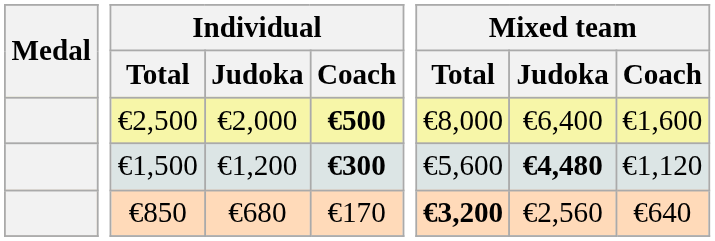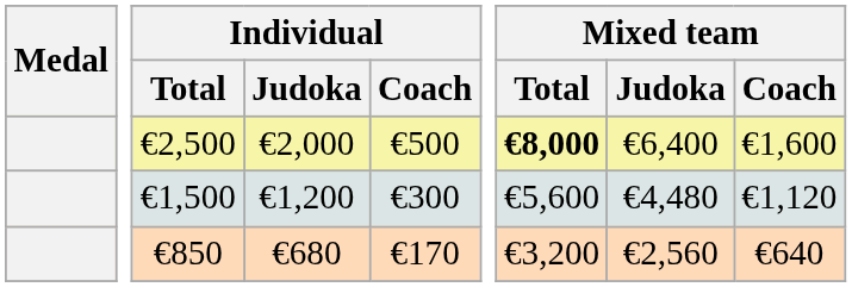 <table class=wikitable style="border: none; background: none; text-align:center;">
 <tr>
 <th rowspan=2>Medal</th>
 <td rowspan=5 style="width:1; border: none; background: none;"></td>
 <th colspan=3>Individual</th>
 <td rowspan=5 style="width:1; border: none; background: none;"></td>
 <th colspan=3>Mixed team</th>
 </tr>
 <tr>
 <th>Total</th>
 <th>Judoka</th>
 <th>Coach</th>
 <th>Total</th>
 <th>Judoka</th>
 <th>Coach</th>
 </tr>
 <tr bgcolor=F7F6A8>
 <th></th>
 <td>€2,500</td>
 <td>€2,000</td>
-<td><strong>€500</strong></td>
-<td>€8,000</td>
+<td>€500</td>
+<td><strong>€8,000</strong></td>
 <td>€6,400</td>
 <td>€1,600</td>
 </tr>
 <tr bgcolor=DCE5E5>
 <th></th>
 <td>€1,500</td>
 <td>€1,200</td>
-<td><strong>€300</strong></td>
+<td>€300</td>
 <td>€5,600</td>
-<td><strong>€4,480</strong></td>
+<td>€4,480</td>
 <td>€1,120</td>
 </tr>
 <tr bgcolor=FFDAB9>
 <th></th>
 <td>€850</td>
 <td>€680</td>
 <td>€170</td>
-<td><strong>€3,200</strong></td>
+<td>€3,200</td>
 <td>€2,560</td>
 <td>€640</td>
 </tr>
 </table>
